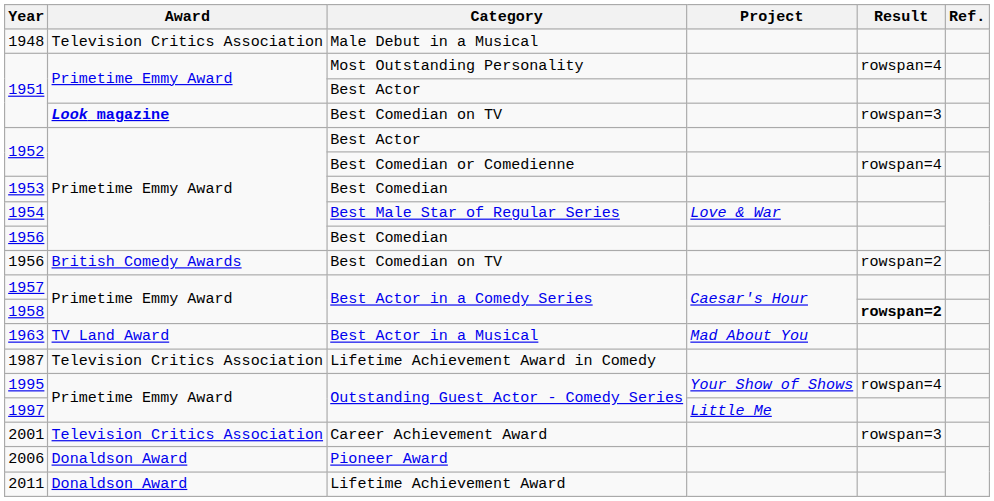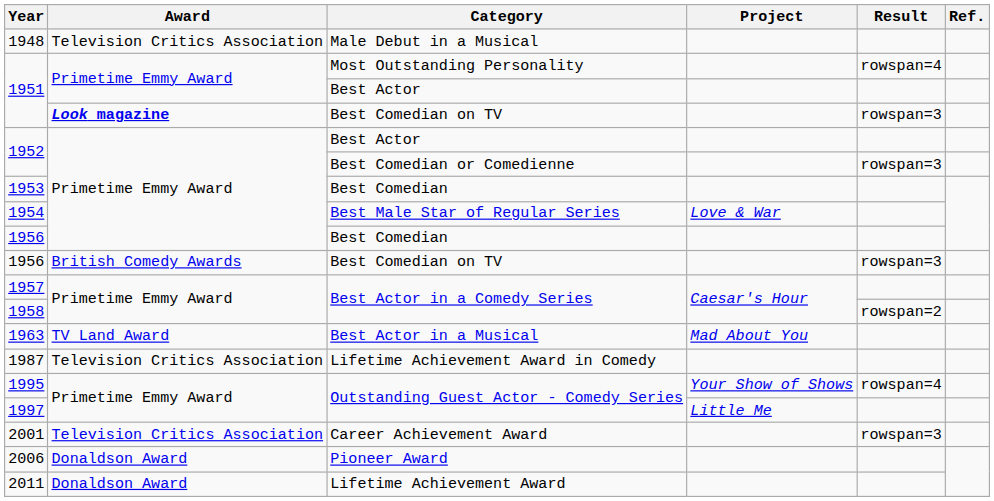 <table class="wikitable">
 <tr>
 <th>Year</th>
 <th>Award</th>
 <th>Category</th>
 <th>Project</th>
 <th>Result</th>
 <th>Ref.</th>
 </tr>
 <tr>
 <td>1948</td>
 <td>Television Critics Association</td>
 <td>Male Debut in a Musical</td>
 <td></td>
 <td></td>
 <td></td>
 </tr>
 <tr>
 <td rowspan=3><a href='#'>1951</a></td>
 <td rowspan=2><a href='#'>Primetime Emmy Award</a></td>
 <td>Most Outstanding Personality</td>
 <td></td>
 <td>rowspan=4 </td>
 <td></td>
 </tr>
 <tr>
 <td>Best Actor</td>
 <td></td>
 <td></td>
 </tr>
 <tr>
 <td><strong><a href='#'><em>Look</em> magazine</a></strong></td>
 <td>Best Comedian on TV</td>
 <td></td>
 <td>rowspan=3 </td>
 <td></td>
 </tr>
 <tr>
 <td rowspan=2><a href='#'>1952</a></td>
 <td rowspan=5>Primetime Emmy Award</td>
 <td>Best Actor</td>
 <td></td>
 <td></td>
 </tr>
 <tr>
 <td>Best Comedian or Comedienne</td>
 <td></td>
-<td>rowspan=4 </td>
+<td>rowspan=3 </td>
 <td></td>
 </tr>
 <tr>
 <td><a href='#'>1953</a></td>
 <td>Best Comedian</td>
 <td></td>
 <td></td>
 </tr>
 <tr>
 <td><a href='#'>1954</a></td>
 <td><a href='#'>Best Male Star of Regular Series</a></td>
 <td><em><a href='#'>Love & War</a></em></td>
 <td></td>
 </tr>
 <tr>
 <td><a href='#'>1956</a></td>
 <td>Best Comedian</td>
 <td></td>
 <td></td>
 </tr>
 <tr>
 <td>1956</td>
 <td><a href='#'>British Comedy Awards</a></td>
 <td>Best Comedian on TV</td>
 <td></td>
-<td>rowspan=2 </td>
+<td>rowspan=3 </td>
 <td></td>
 </tr>
 <tr>
 <td><a href='#'>1957</a></td>
 <td rowspan=2>Primetime Emmy Award</td>
 <td rowspan=2><a href='#'>Best Actor in a Comedy Series</a></td>
 <td rowspan=2><em><a href='#'>Caesar's Hour</a></em></td>
 <td></td>
 </tr>
 <tr>
 <td><a href='#'>1958</a></td>
-<td><strong>rowspan=2 </strong></td>
+<td>rowspan=2 </td>
 <td></td>
 </tr>
 <tr>
 <td><a href='#'>1963</a></td>
 <td><a href='#'>TV Land Award</a></td>
 <td><a href='#'>Best Actor in a Musical</a></td>
 <td><em><a href='#'>Mad About You</a></em></td>
 <td></td>
 </tr>
 <tr>
 <td>1987</td>
 <td>Television Critics Association</td>
 <td>Lifetime Achievement Award in Comedy</td>
 <td></td>
 <td></td>
 <td></td>
 </tr>
 <tr>
 <td><a href='#'>1995</a></td>
 <td rowspan=2>Primetime Emmy Award</td>
 <td rowspan=2><a href='#'>Outstanding Guest Actor - Comedy Series</a></td>
 <td><em><a href='#'>Your Show of Shows</a></em></td>
 <td>rowspan=4 </td>
 <td></td>
 </tr>
 <tr>
 <td><a href='#'>1997</a></td>
 <td><em><a href='#'>Little Me</a></em></td>
 <td></td>
 </tr>
 <tr>
 <td>2001</td>
 <td><a href='#'>Television Critics Association</a></td>
 <td>Career Achievement Award</td>
 <td></td>
 <td>rowspan=3 </td>
 <td></td>
 </tr>
 <tr>
 <td>2006</td>
 <td><a href='#'>Donaldson Award</a></td>
 <td><a href='#'>Pioneer Award</a></td>
 <td></td>
 <td></td>
 </tr>
 <tr>
 <td>2011</td>
 <td><a href='#'>Donaldson Award</a></td>
 <td>Lifetime Achievement Award</td>
 <td></td>
 <td></td>
 </tr>
 </table>
